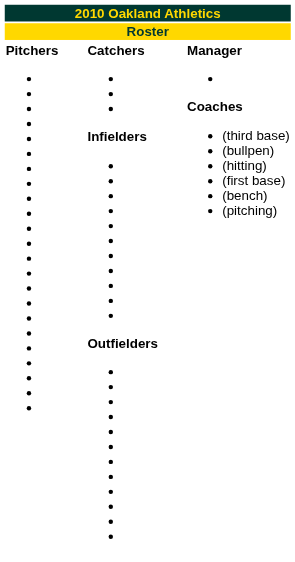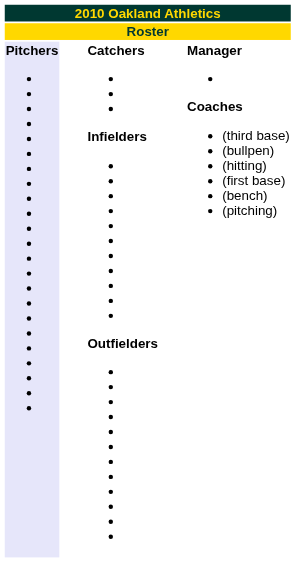 <table class="toccolours" style="font-size: 95%;">
 <tr>
 <th colspan="10" style="background:#003831; color:#ffd800; text-align:center;">2010 Oakland Athletics</th>
 </tr>
 <tr>
 <td colspan="10" style="background:#ffd800; color:#003831; text-align:center;"><strong>Roster</strong></td>
 </tr>
 <tr>
-<td valign="top"><strong>Pitchers</strong><br><ul><li></li><li></li><li></li><li></li><li></li><li></li><li></li><li></li><li></li><li></li><li></li><li></li><li></li><li></li><li></li><li></li><li></li><li></li><li></li><li></li><li></li><li></li><li></li></ul></td>
+<td valign="top" style="background: lavender;"><strong>Pitchers</strong><br><ul><li></li><li></li><li></li><li></li><li></li><li></li><li></li><li></li><li></li><li></li><li></li><li></li><li></li><li></li><li></li><li></li><li></li><li></li><li></li><li></li><li></li><li></li><li></li></ul></td>
 <td style="width:25px;"></td>
 <td valign="top"><strong>Catchers</strong><br><ul><li></li><li></li><li></li></ul><strong>Infielders</strong><ul><li></li><li></li><li></li><li></li><li></li><li></li><li></li><li></li><li></li><li></li><li></li></ul><strong>Outfielders</strong><ul><li></li><li></li><li></li><li></li><li></li><li></li><li></li><li></li><li></li><li></li><li></li><li></li></ul></td>
 <td style="width:25px;"></td>
 <td valign="top"><strong>Manager</strong><br><ul><li></li></ul><strong>Coaches</strong><ul><li> (third base)</li><li> (bullpen)</li><li> (hitting)</li><li> (first base)</li><li> (bench)</li><li> (pitching)</li></ul></td>
 </tr>
 </table>
